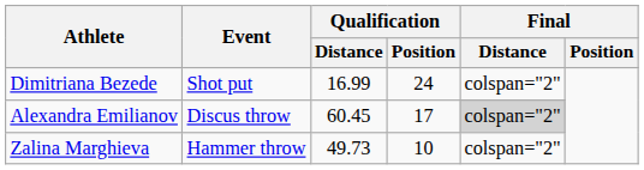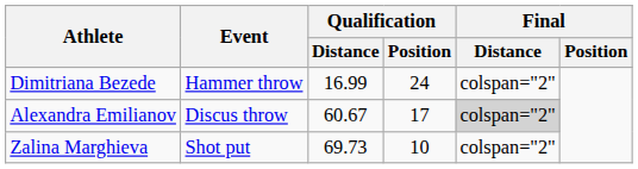 <table class="wikitable" style="font-size:90%">
 <tr>
 <th rowspan="2">Athlete</th>
 <th rowspan="2">Event</th>
 <th colspan="2">Qualification</th>
 <th colspan="2">Final</th>
 </tr>
 <tr style="font-size:95%">
 <th>Distance</th>
 <th>Position</th>
 <th>Distance</th>
 <th>Position</th>
 </tr>
 <tr align="center">
 <td align="left"><a href='#'>Dimitriana Bezede</a></td>
-<td align="left"><a href='#'>Shot put</a></td>
+<td align="left"><a href='#'>Hammer throw</a></td>
 <td>16.99</td>
 <td>24</td>
 <td>colspan="2" </td>
 </tr>
 <tr align="center">
 <td align="left"><a href='#'>Alexandra Emilianov</a></td>
 <td align="left"><a href='#'>Discus throw</a></td>
-<td>60.45 </td>
+<td>60.67 </td>
 <td>17</td>
 <td style="background: lightgrey;">colspan="2" </td>
 </tr>
 <tr align="center">
 <td align="left"><a href='#'>Zalina Marghieva</a></td>
-<td align="left"><a href='#'>Hammer throw</a></td>
-<td>49.73</td>
+<td align="left"><a href='#'>Shot put</a></td>
+<td>69.73</td>
 <td>10</td>
 <td>colspan="2" </td>
 </tr>
 </table>
